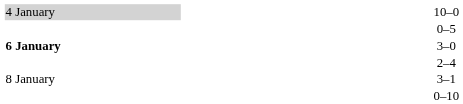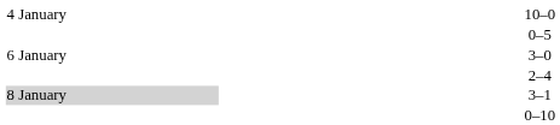 <table cellspacing=1 width=70%>
 <tr>
 <th width=25%></th>
 <th width=30%></th>
 <th width=15%></th>
 <th width=30%></th>
 </tr>
 <tr>
-<td style="background: lightgrey;">4 January</td>
+<td>4 January</td>
 <td align=right></td>
 <td align=center>10–0</td>
 <td></td>
 </tr>
 <tr>
 <td></td>
 <td align=right></td>
 <td align=center>0–5</td>
 <td></td>
 </tr>
 <tr>
-<td><strong>6 January</strong></td>
+<td>6 January</td>
 <td align=right></td>
 <td align=center>3–0</td>
 <td></td>
 </tr>
 <tr>
 <td></td>
 <td align=right></td>
 <td align=center>2–4</td>
 <td></td>
 </tr>
 <tr>
-<td>8 January</td>
+<td style="background: lightgrey;">8 January</td>
 <td align=right></td>
 <td align=center>3–1</td>
 <td></td>
 </tr>
 <tr>
 <td></td>
 <td align=right></td>
 <td align=center>0–10</td>
 <td></td>
 </tr>
 </table>
